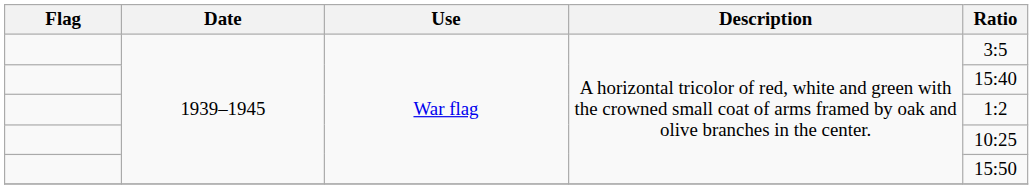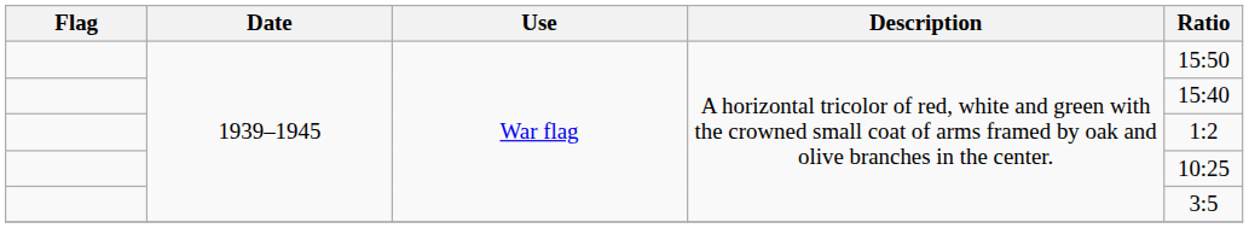 <table class="wikitable" style="text-align:center;">
 <tr>
 <th width="110">Flag</th>
 <th width="200">Date</th>
 <th width="250">Use</th>
 <th width="400">Description</th>
 <th width="50">Ratio</th>
 </tr>
 <tr>
 <td></td>
 <td rowspan="5">1939–1945</td>
 <td rowspan="5"><a href='#'>War flag</a></td>
 <td rowspan="5">A horizontal tricolor of red, white and green with the crowned small coat of arms framed by oak and olive branches in the center.</td>
-<td>3:5</td>
+<td>15:50</td>
 </tr>
 <tr>
 <td></td>
 <td>15:40</td>
 </tr>
 <tr>
 <td></td>
 <td>1:2</td>
 </tr>
 <tr>
 <td></td>
 <td>10:25</td>
 </tr>
 <tr>
 <td></td>
-<td>15:50</td>
+<td>3:5</td>
 </tr>
 <tr>
 </tr>
 </table>
